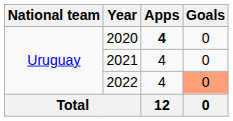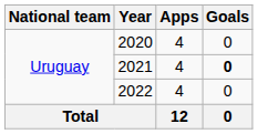 <table class="wikitable" style="text-align:center">
 <tr>
 <th>National team</th>
 <th>Year</th>
 <th>Apps</th>
 <th>Goals</th>
 </tr>
 <tr>
 <td rowspan="3"><a href='#'>Uruguay</a></td>
 <td>2020</td>
-<td><strong>4</strong></td>
+<td>4</td>
 <td>0</td>
 </tr>
 <tr>
 <td>2021</td>
 <td>4</td>
-<td>0</td>
+<td><strong>0</strong></td>
 </tr>
 <tr>
 <td>2022</td>
 <td>4</td>
-<td style="background: lightsalmon;">0</td>
+<td>0</td>
 </tr>
 <tr>
 <th colspan="2">Total</th>
 <th>12</th>
 <th>0</th>
 </tr>
 </table>
